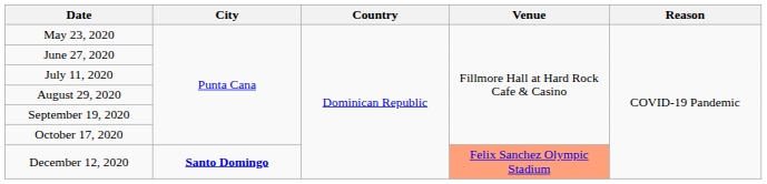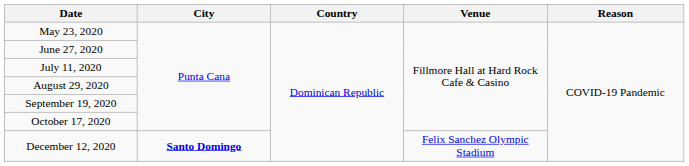 <table class="wikitable plainrowheaders" style="text-align:center;">
 <tr>
 <th style="width:180px;">Date</th>
 <th style="width:180px;">City</th>
 <th style="width:180px;">Country</th>
 <th style="width:195px;">Venue</th>
 <th style="width:185px;">Reason</th>
 </tr>
 <tr>
 <td>May 23, 2020</td>
 <td rowspan="6"><a href='#'>Punta Cana</a></td>
 <td rowspan="7"><a href='#'>Dominican Republic</a></td>
 <td rowspan="6">Fillmore Hall at Hard Rock Cafe & Casino</td>
 <td rowspan="7">COVID-19 Pandemic</td>
 </tr>
 <tr>
 <td>June 27, 2020</td>
 </tr>
 <tr>
 <td>July 11, 2020</td>
 </tr>
 <tr>
 <td>August 29, 2020</td>
 </tr>
 <tr>
 <td>September 19, 2020</td>
 </tr>
 <tr>
 <td>October 17, 2020</td>
 </tr>
 <tr>
 <td>December 12, 2020</td>
 <td><strong><a href='#'>Santo Domingo</a></strong></td>
-<td style="background: lightsalmon;"><a href='#'>Felix Sanchez Olympic Stadium</a></td>
+<td><a href='#'>Felix Sanchez Olympic Stadium</a></td>
 </tr>
 </table>
